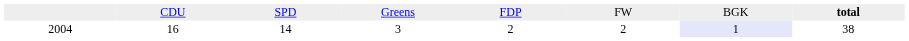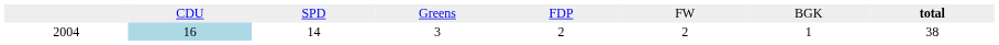 <table border="0" cellpadding="2" cellspacing="0" width="95%">
 <tr bgcolor="#eeeeee" align="center">
 <td width = "9%"></td>
 <td width = "9%"><a href='#'>CDU</a></td>
 <td width = "9%"><a href='#'>SPD</a></td>
 <td width = "9%"><a href='#'>Greens</a></td>
 <td width = "9%"><a href='#'>FDP</a></td>
 <td width = "9%">FW</td>
 <td width = "9%">BGK</td>
 <td width = "9%"><strong>total</strong></td>
 </tr>
 <tr align="center">
 <td>2004</td>
-<td>16</td>
+<td style="background: lightblue;">16</td>
 <td>14</td>
 <td>3</td>
 <td>2</td>
 <td>2</td>
-<td style="background: lavender;">1</td>
+<td>1</td>
 <td>38</td>
 </tr>
 </table>
